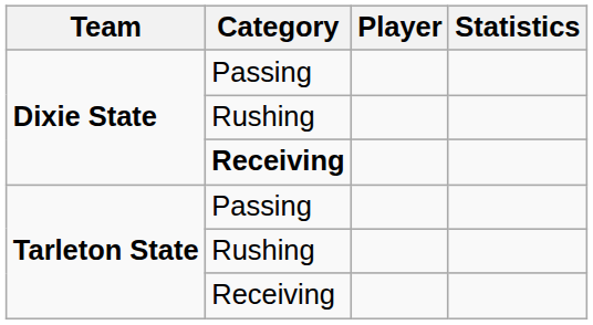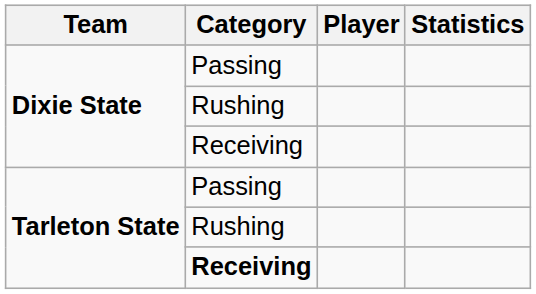 <table class="wikitable" style="float: right;">
 <tr>
 <th>Team</th>
 <th>Category</th>
 <th>Player</th>
 <th>Statistics</th>
 </tr>
 <tr>
 <td rowspan=3><strong>Dixie State</strong></td>
 <td>Passing</td>
 <td></td>
 <td></td>
 </tr>
 <tr>
 <td>Rushing</td>
 <td></td>
 <td></td>
 </tr>
 <tr>
-<td><strong>Receiving</strong></td>
+<td>Receiving</td>
 <td></td>
 <td></td>
 </tr>
 <tr>
 <td rowspan=3><strong>Tarleton State</strong></td>
 <td>Passing</td>
 <td></td>
 <td></td>
 </tr>
 <tr>
 <td>Rushing</td>
 <td></td>
 <td></td>
 </tr>
 <tr>
-<td>Receiving</td>
+<td><strong>Receiving</strong></td>
 <td></td>
 <td></td>
 </tr>
 </table>
